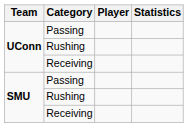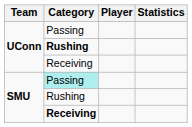 <table class="wikitable" style="float: left;">
 <tr>
 <th>Team</th>
 <th>Category</th>
 <th>Player</th>
 <th>Statistics</th>
 </tr>
 <tr>
 <td rowspan=3><strong>UConn</strong></td>
 <td>Passing</td>
 <td></td>
 <td></td>
 </tr>
 <tr>
-<td>Rushing</td>
+<td><strong>Rushing</strong></td>
 <td></td>
 <td></td>
 </tr>
 <tr>
 <td>Receiving</td>
 <td></td>
 <td></td>
 </tr>
 <tr>
 <td rowspan=3><strong>SMU</strong></td>
-<td>Passing</td>
+<td style="background: paleturquoise;">Passing</td>
 <td></td>
 <td></td>
 </tr>
 <tr>
 <td>Rushing</td>
 <td></td>
 <td></td>
 </tr>
 <tr>
-<td>Receiving</td>
+<td><strong>Receiving</strong></td>
 <td></td>
 <td></td>
 </tr>
 </table>
